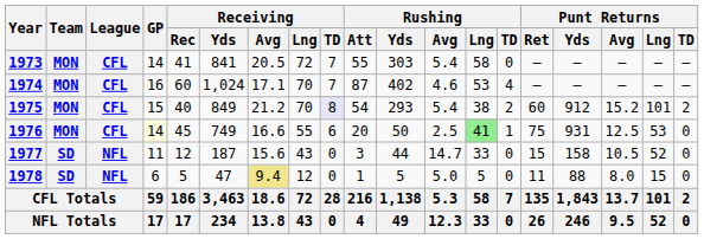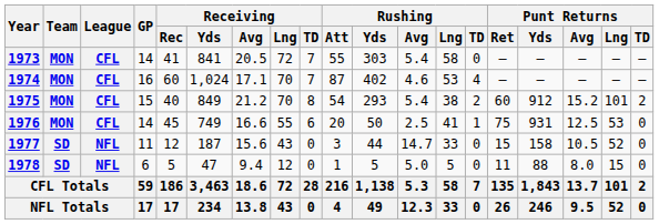 <table class="wikitable" style="text-align: center;">
 <tr>
 <th rowspan="2">Year</th>
 <th rowspan="2">Team</th>
 <th rowspan="2">League</th>
 <th rowspan="2">GP</th>
 <th colspan="5">Receiving</th>
 <th colspan="5">Rushing</th>
 <th colspan="5">Punt Returns</th>
 </tr>
 <tr>
 <th>Rec</th>
 <th>Yds</th>
 <th>Avg</th>
 <th>Lng</th>
 <th>TD</th>
 <th>Att</th>
 <th>Yds</th>
 <th>Avg</th>
 <th>Lng</th>
 <th>TD</th>
 <th>Ret</th>
 <th>Yds</th>
 <th>Avg</th>
 <th>Lng</th>
 <th>TD</th>
 </tr>
 <tr>
 <th><a href='#'>1973</a></th>
 <th><a href='#'>MON</a></th>
 <th><a href='#'>CFL</a></th>
 <td>14</td>
 <td>41</td>
 <td>841</td>
 <td>20.5</td>
 <td>72</td>
 <td>7</td>
 <td>55</td>
 <td>303</td>
 <td>5.4</td>
 <td>58</td>
 <td>0</td>
 <td>—</td>
 <td>—</td>
 <td>—</td>
 <td>—</td>
 <td>—</td>
 </tr>
 <tr>
 <th><a href='#'>1974</a></th>
 <th><a href='#'>MON</a></th>
 <th><a href='#'>CFL</a></th>
 <td>16</td>
 <td>60</td>
 <td>1,024</td>
 <td>17.1</td>
 <td>70</td>
 <td>7</td>
 <td>87</td>
 <td>402</td>
 <td>4.6</td>
 <td>53</td>
 <td>4</td>
 <td>—</td>
 <td>—</td>
 <td>—</td>
 <td>—</td>
 <td>—</td>
 </tr>
 <tr>
 <th><a href='#'>1975</a></th>
 <th><a href='#'>MON</a></th>
 <th><a href='#'>CFL</a></th>
 <td>15</td>
 <td>40</td>
 <td>849</td>
 <td>21.2</td>
 <td>70</td>
-<td style="background: lavender;">8</td>
+<td>8</td>
 <td>54</td>
 <td>293</td>
 <td>5.4</td>
 <td>38</td>
 <td>2</td>
 <td>60</td>
 <td>912</td>
 <td>15.2</td>
 <td>101</td>
 <td>2</td>
 </tr>
 <tr>
 <th><a href='#'>1976</a></th>
 <th><a href='#'>MON</a></th>
 <th><a href='#'>CFL</a></th>
-<td style="background: lightyellow;">14</td>
+<td>14</td>
 <td>45</td>
 <td>749</td>
 <td>16.6</td>
 <td>55</td>
 <td>6</td>
 <td>20</td>
 <td>50</td>
 <td>2.5</td>
-<td style="background: lightgreen;">41</td>
+<td>41</td>
 <td>1</td>
 <td>75</td>
 <td>931</td>
 <td>12.5</td>
 <td>53</td>
 <td>0</td>
 </tr>
 <tr>
 <th><a href='#'>1977</a></th>
 <th><a href='#'>SD</a></th>
 <th><a href='#'>NFL</a></th>
 <td>11</td>
 <td>12</td>
 <td>187</td>
 <td>15.6</td>
 <td>43</td>
 <td>0</td>
 <td>3</td>
 <td>44</td>
 <td>14.7</td>
 <td>33</td>
 <td>0</td>
 <td>15</td>
 <td>158</td>
 <td>10.5</td>
 <td>52</td>
 <td>0</td>
 </tr>
 <tr>
 <th><a href='#'>1978</a></th>
 <th><a href='#'>SD</a></th>
 <th><a href='#'>NFL</a></th>
 <td>6</td>
 <td>5</td>
 <td>47</td>
-<td style="background: khaki;">9.4</td>
+<td>9.4</td>
 <td>12</td>
 <td>0</td>
 <td>1</td>
 <td>5</td>
 <td>5.0</td>
 <td>5</td>
 <td>0</td>
 <td>11</td>
 <td>88</td>
 <td>8.0</td>
 <td>15</td>
 <td>0</td>
 </tr>
 <tr>
 <th colspan="3">CFL Totals</th>
 <th>59</th>
 <th>186</th>
 <th>3,463</th>
 <th>18.6</th>
 <th>72</th>
 <th>28</th>
 <th>216</th>
 <th>1,138</th>
 <th>5.3</th>
 <th>58</th>
 <th>7</th>
 <th>135</th>
 <th>1,843</th>
 <th>13.7</th>
 <th>101</th>
 <th>2</th>
 </tr>
 <tr>
 <th colspan="3">NFL Totals</th>
 <th>17</th>
 <th>17</th>
 <th>234</th>
 <th>13.8</th>
 <th>43</th>
 <th>0</th>
 <th>4</th>
 <th>49</th>
 <th>12.3</th>
 <th>33</th>
 <th>0</th>
 <th>26</th>
 <th>246</th>
 <th>9.5</th>
 <th>52</th>
 <th>0</th>
 </tr>
 </table>
